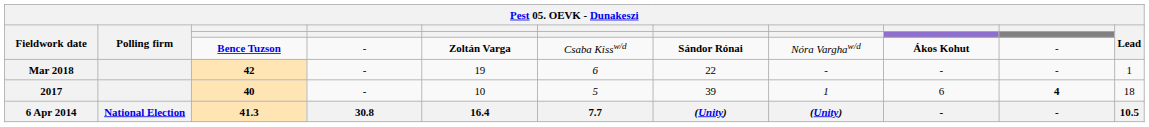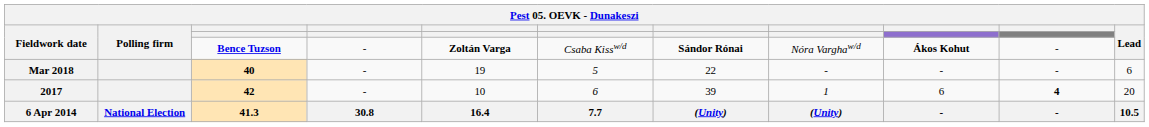 <table class="wikitable mw-collapsible mw-collapsed" style="text-align:center">
 <tr>
 <th colspan="11" style="width: 980pt;"><small><a href='#'>Pest</a> 05. OEVK - <a href='#'>Dunakeszi</a></small></th>
 </tr>
 <tr>
 <th rowspan="3" style="width: 80pt;"><small>Fieldwork</small> <small>date</small></th>
 <th rowspan="3" style="width: 80pt;"><strong><small>Polling</small> <small>firm</small></strong></th>
 <th style="width: 100pt;"><small></small></th>
 <th style="width: 100pt;"><small> </small></th>
 <th style="width: 100pt;"></th>
 <th style="width: 100pt;"></th>
 <th style="width: 100pt;"></th>
 <th style="width: 100pt;"></th>
 <th style="width: 100pt;"></th>
 <th style="width: 100pt;"></th>
 <th rowspan="3" style="width: 20pt;"><small>Lead</small></th>
 </tr>
 <tr>
 <th style="color:inherit;background:"></th>
 <th style="color:inherit;background:"></th>
 <th style="color:inherit;background:"></th>
 <th style="color:inherit;background:"></th>
 <th style="color:inherit;background:"></th>
 <th style="color:inherit;background:"></th>
 <th style="color:inherit;background:#8E6FCE;"></th>
 <th style="color:inherit;background:#808080;"></th>
 </tr>
 <tr>
 <td><small><strong><a href='#'>Bence Tuzson</a></strong></small></td>
 <td><small>-</small></td>
 <td><small><strong>Zoltán Varga</strong></small></td>
 <td><small><em>Csaba Kiss<sup>w/d</sup></em></small></td>
 <td><small><strong>Sándor Rónai</strong></small></td>
 <td><small><em>Nóra Vargha<sup>w/d</sup></em></small></td>
 <td><small><strong>Ákos Kohut</strong></small></td>
 <td><small>-</small></td>
 </tr>
 <tr>
 <th><small>Mar 2018</small></th>
 <th><small></small></th>
-<td style="background:#FFE5B4"><small><strong>42</strong></small></td>
+<td style="background:#FFE5B4"><small><strong>40</strong></small></td>
 <td><small>-</small></td>
 <td><small>19</small></td>
-<td><small><em>6</em></small></td>
+<td><small><em>5</em></small></td>
 <td><small>22</small></td>
 <td><small><em>-</em></small></td>
 <td><small>-</small></td>
 <td><small>-</small></td>
-<td style="background:"><small>1</small></td>
+<td style="background:"><small>6</small></td>
 </tr>
 <tr>
 <th><small>2017</small></th>
 <th><small></small></th>
-<td style="background:#FFE5B4"><small><strong>40</strong></small></td>
+<td style="background:#FFE5B4"><small><strong>42</strong></small></td>
 <td><small>-</small></td>
 <td><small>10</small></td>
-<td><small><em>5</em></small></td>
+<td><small><em>6</em></small></td>
 <td><small>39</small></td>
 <td><small><em>1</em></small></td>
 <td><small>6</small></td>
 <td><strong><small>4</small></strong></td>
-<td style="background:"><small>18</small></td>
+<td style="background:"><small>20</small></td>
 </tr>
 <tr>
 <th><small>6 Apr 2014</small></th>
 <th><a href='#'><small>National Election</small></a></th>
 <th style="background:#FFE5B4"><small><strong>41.3</strong></small></th>
 <th><small>30.8</small></th>
 <th><small>16.4</small></th>
 <th><small>7.7</small></th>
 <th><small><em>(<a href='#'>Unity</a>)</em></small></th>
 <th><small><em>(<a href='#'>Unity</a>)</em></small></th>
 <th><small>-</small></th>
 <th><small>-</small></th>
 <th style="background:"><small>10.5</small></th>
 </tr>
 </table>
